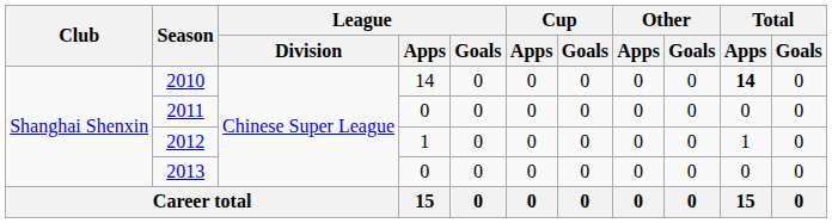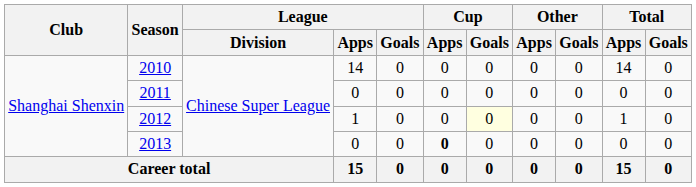 <table class="wikitable" style="text-align: center">
 <tr>
 <th rowspan="2">Club</th>
 <th rowspan="2">Season</th>
 <th colspan="3">League</th>
 <th colspan="2">Cup</th>
 <th colspan="2">Other</th>
 <th colspan="2">Total</th>
 </tr>
 <tr>
 <th>Division</th>
 <th>Apps</th>
 <th>Goals</th>
 <th>Apps</th>
 <th>Goals</th>
 <th>Apps</th>
 <th>Goals</th>
 <th>Apps</th>
 <th>Goals</th>
 </tr>
 <tr>
 <td rowspan="4"><a href='#'>Shanghai Shenxin</a></td>
 <td><a href='#'>2010</a></td>
 <td rowspan="4"><a href='#'>Chinese Super League</a></td>
 <td>14</td>
 <td>0</td>
 <td>0</td>
 <td>0</td>
 <td>0</td>
 <td>0</td>
-<td><strong>14</strong></td>
+<td>14</td>
 <td>0</td>
 </tr>
 <tr>
 <td><a href='#'>2011</a></td>
 <td>0</td>
 <td>0</td>
 <td>0</td>
 <td>0</td>
 <td>0</td>
 <td>0</td>
 <td>0</td>
 <td>0</td>
 </tr>
 <tr>
 <td><a href='#'>2012</a></td>
 <td>1</td>
 <td>0</td>
 <td>0</td>
-<td>0</td>
+<td style="background: lightyellow;">0</td>
 <td>0</td>
 <td>0</td>
 <td>1</td>
 <td>0</td>
 </tr>
 <tr>
 <td><a href='#'>2013</a></td>
 <td>0</td>
 <td>0</td>
-<td>0</td>
+<td><strong>0</strong></td>
 <td>0</td>
 <td>0</td>
 <td>0</td>
 <td>0</td>
 <td>0</td>
 </tr>
 <tr>
 <th colspan=3>Career total</th>
 <th>15</th>
 <th>0</th>
 <th>0</th>
 <th>0</th>
 <th>0</th>
 <th>0</th>
 <th>15</th>
 <th>0</th>
 </tr>
 </table>
